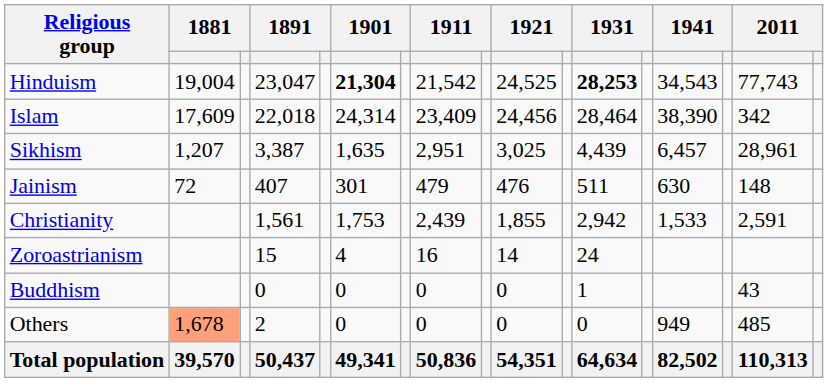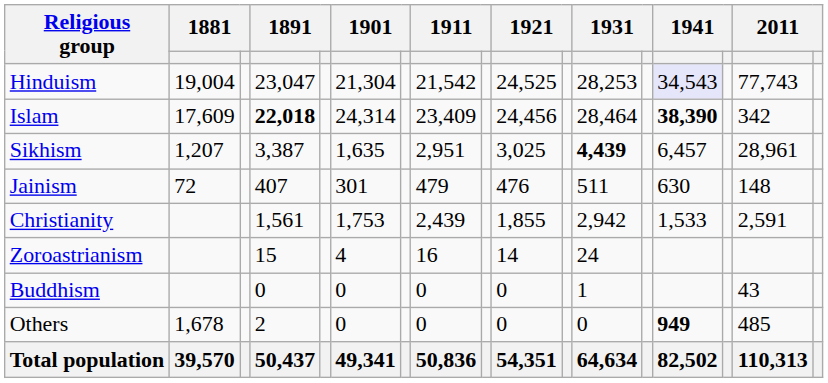 <table class="wikitable collapsible sortable">
 <tr>
 <th rowspan="2"><a href='#'>Religious</a><br>group</th>
 <th colspan="2">1881</th>
 <th colspan="2">1891</th>
 <th colspan="2">1901</th>
 <th colspan="2">1911</th>
 <th colspan="2">1921</th>
 <th colspan="2">1931</th>
 <th colspan="2">1941</th>
 <th colspan="2">2011</th>
 </tr>
 <tr>
 <th><a href='#'></a></th>
 <th></th>
 <th></th>
 <th></th>
 <th></th>
 <th></th>
 <th></th>
 <th></th>
 <th></th>
 <th></th>
 <th></th>
 <th></th>
 <th></th>
 <th></th>
 <th></th>
 <th></th>
 </tr>
 <tr>
 <td><a href='#'>Hinduism</a> </td>
 <td>19,004</td>
 <td></td>
 <td>23,047</td>
 <td></td>
-<td><strong>21,304</strong></td>
+<td>21,304</td>
 <td></td>
 <td>21,542</td>
 <td></td>
 <td>24,525</td>
 <td></td>
-<td><strong>28,253</strong></td>
+<td>28,253</td>
 <td></td>
-<td>34,543</td>
+<td style="background: lavender;">34,543</td>
 <td></td>
 <td>77,743</td>
 <td></td>
 </tr>
 <tr>
 <td><a href='#'>Islam</a> </td>
 <td>17,609</td>
 <td></td>
-<td>22,018</td>
+<td><strong>22,018</strong></td>
 <td></td>
 <td>24,314</td>
 <td></td>
 <td>23,409</td>
 <td></td>
 <td>24,456</td>
 <td></td>
 <td>28,464</td>
 <td></td>
-<td>38,390</td>
+<td><strong>38,390</strong></td>
 <td></td>
 <td>342</td>
 <td></td>
 </tr>
 <tr>
 <td><a href='#'>Sikhism</a> </td>
 <td>1,207</td>
 <td></td>
 <td>3,387</td>
 <td></td>
 <td>1,635</td>
 <td></td>
 <td>2,951</td>
 <td></td>
 <td>3,025</td>
 <td></td>
-<td>4,439</td>
+<td><strong>4,439</strong></td>
 <td></td>
 <td>6,457</td>
 <td></td>
 <td>28,961</td>
 <td></td>
 </tr>
 <tr>
 <td><a href='#'>Jainism</a> </td>
 <td>72</td>
 <td></td>
 <td>407</td>
 <td></td>
 <td>301</td>
 <td></td>
 <td>479</td>
 <td></td>
 <td>476</td>
 <td></td>
 <td>511</td>
 <td></td>
 <td>630</td>
 <td></td>
 <td>148</td>
 <td></td>
 </tr>
 <tr>
 <td><a href='#'>Christianity</a> </td>
 <td></td>
 <td></td>
 <td>1,561</td>
 <td></td>
 <td>1,753</td>
 <td></td>
 <td>2,439</td>
 <td></td>
 <td>1,855</td>
 <td></td>
 <td>2,942</td>
 <td></td>
 <td>1,533</td>
 <td></td>
 <td>2,591</td>
 <td></td>
 </tr>
 <tr>
 <td><a href='#'>Zoroastrianism</a> </td>
 <td></td>
 <td></td>
 <td>15</td>
 <td></td>
 <td>4</td>
 <td></td>
 <td>16</td>
 <td></td>
 <td>14</td>
 <td></td>
 <td>24</td>
 <td></td>
 <td></td>
 <td></td>
 <td></td>
 <td></td>
 </tr>
 <tr>
 <td><a href='#'>Buddhism</a> </td>
 <td></td>
 <td></td>
 <td>0</td>
 <td></td>
 <td>0</td>
 <td></td>
 <td>0</td>
 <td></td>
 <td>0</td>
 <td></td>
 <td>1</td>
 <td></td>
 <td></td>
 <td></td>
 <td>43</td>
 <td></td>
 </tr>
 <tr>
 <td>Others</td>
-<td style="background: lightsalmon;">1,678</td>
+<td>1,678</td>
 <td></td>
 <td>2</td>
 <td></td>
 <td>0</td>
 <td></td>
 <td>0</td>
 <td></td>
 <td>0</td>
 <td></td>
 <td>0</td>
 <td></td>
-<td>949</td>
+<td><strong>949</strong></td>
 <td></td>
 <td>485</td>
 <td></td>
 </tr>
 <tr>
 <th>Total population</th>
 <th>39,570</th>
 <th></th>
 <th>50,437</th>
 <th></th>
 <th>49,341</th>
 <th></th>
 <th>50,836</th>
 <th></th>
 <th>54,351</th>
 <th></th>
 <th>64,634</th>
 <th></th>
 <th>82,502</th>
 <th></th>
 <th>110,313</th>
 <th></th>
 </tr>
 </table>
